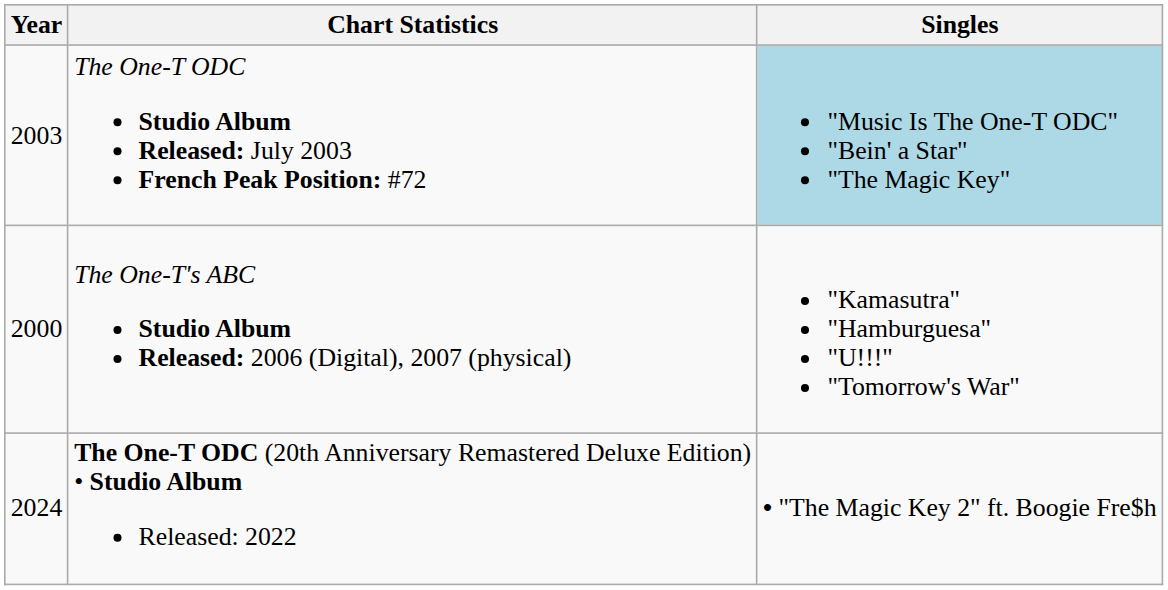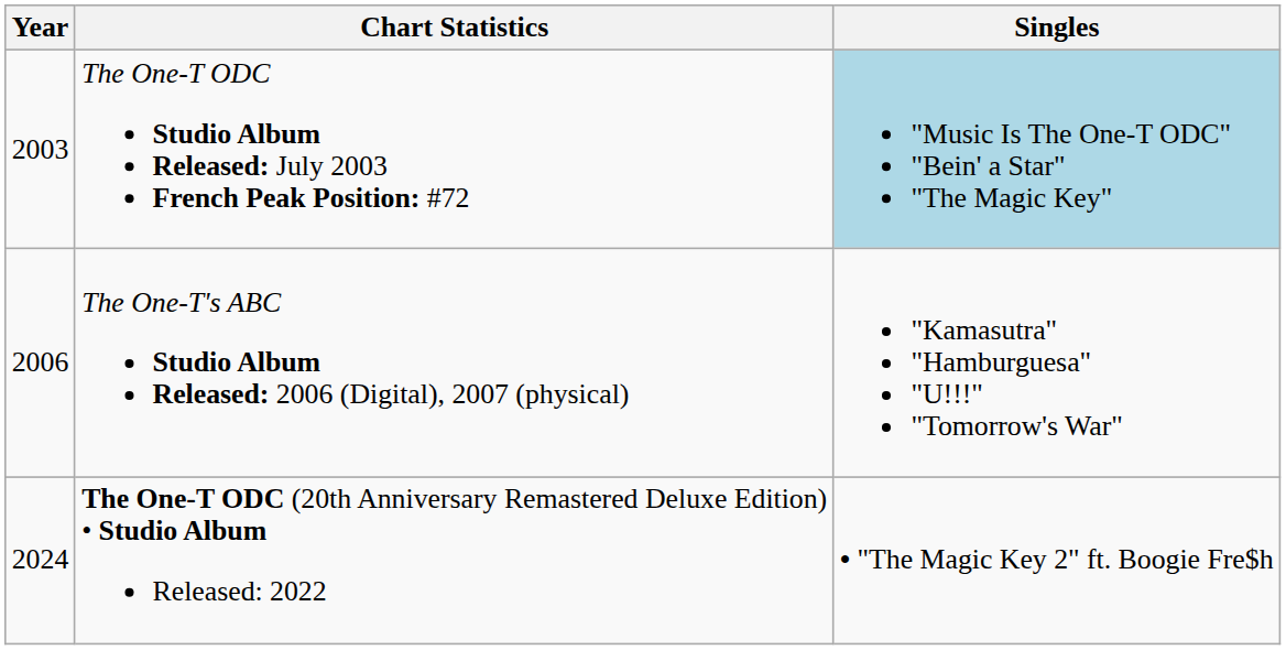 <table class="wikitable">
 <tr>
 <th>Year</th>
 <th>Chart Statistics</th>
 <th>Singles</th>
 </tr>
 <tr>
 <td>2003</td>
 <td><em>The One-T ODC</em><br><ul><li><strong>Studio Album</strong></li><li><strong>Released:</strong> July 2003</li><li><strong>French Peak Position:</strong> #72</li></ul></td>
 <td style="background: lightblue;"><br><ul><li>"Music Is The One-T ODC"</li><li>"Bein' a Star"</li><li>"The Magic Key"</li></ul></td>
 </tr>
 <tr>
-<td>2000</td>
+<td>2006</td>
 <td><em>The One-T's ABC</em><br><ul><li><strong>Studio Album</strong></li><li><strong>Released:</strong> 2006 (Digital), 2007 (physical)</li></ul></td>
 <td><br><ul><li>"Kamasutra"</li><li>"Hamburguesa"</li><li>"U!!!"</li><li>"Tomorrow's War"</li></ul></td>
 </tr>
 <tr>
 <td>2024</td>
 <td><strong>The One-T ODC</strong> (20th Anniversary Remastered Deluxe Edition)<br>• <strong>Studio Album</strong><ul><li>Released: 2022</li></ul></td>
 <td><strong>•</strong> "The Magic Key 2" ft. Boogie Fre$h</td>
 </tr>
 </table>
